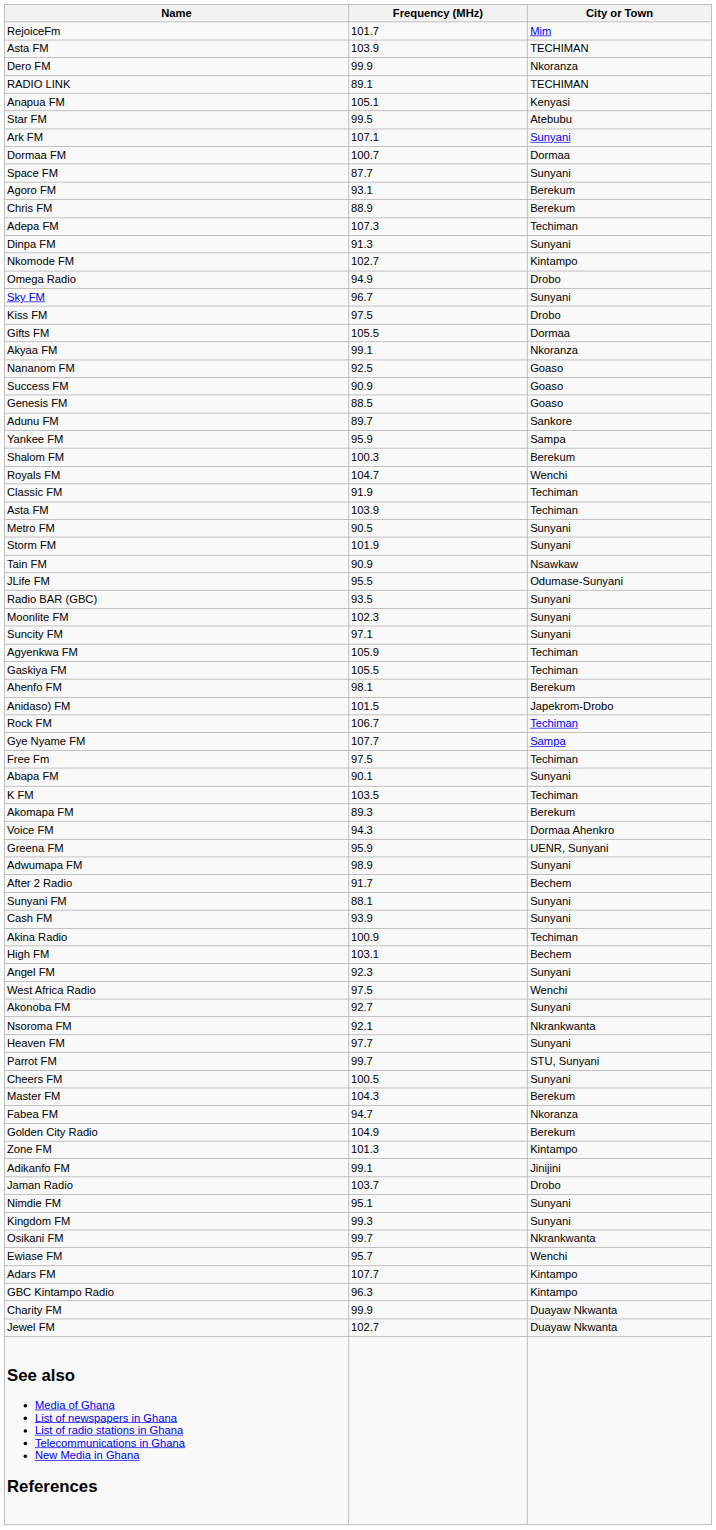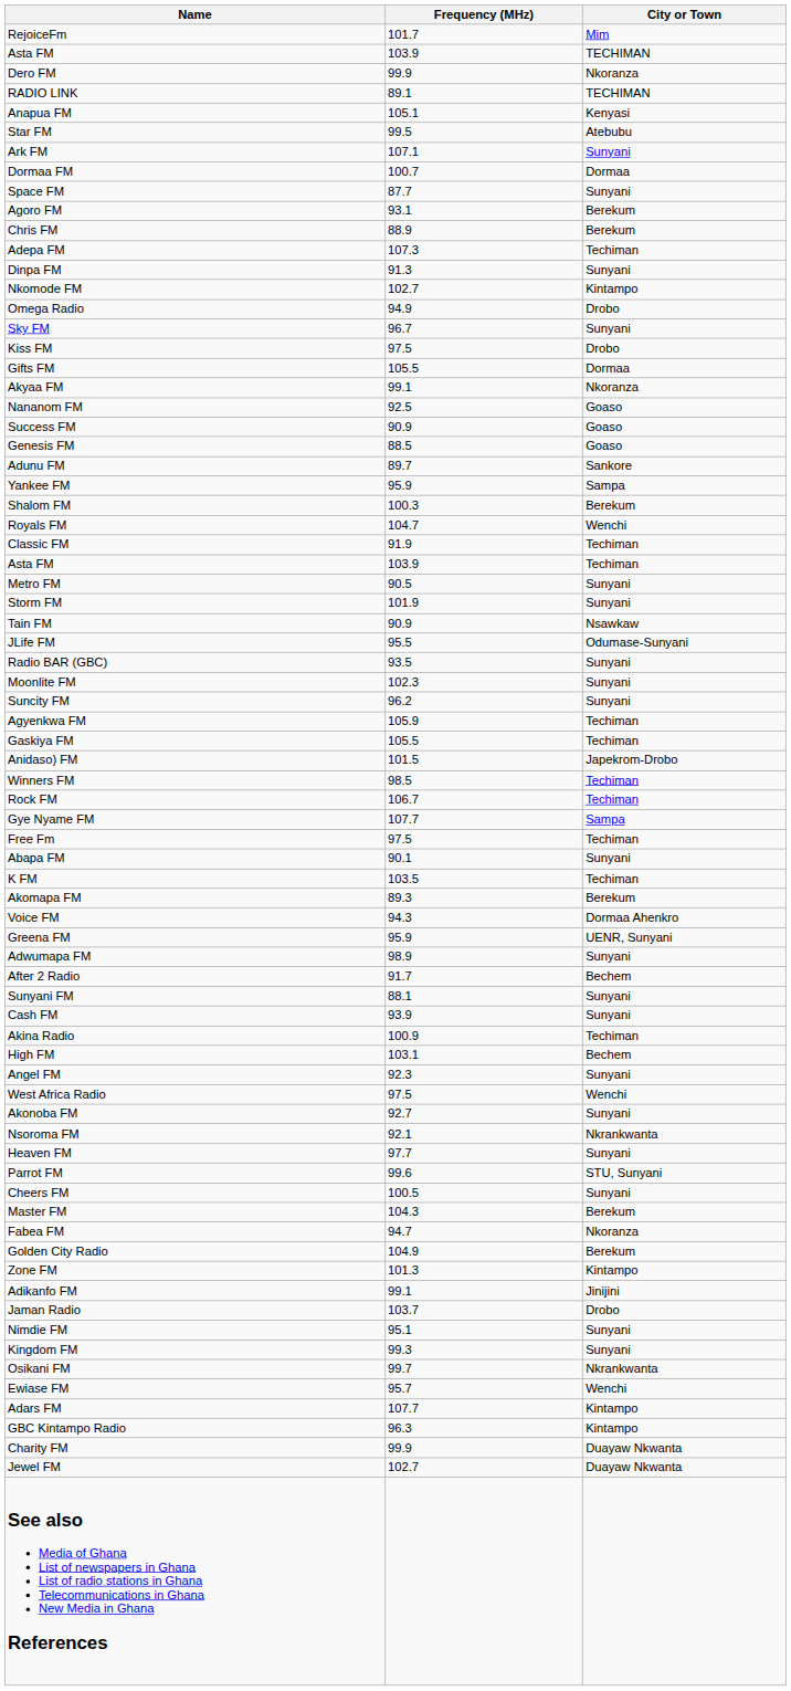 <table class="wikitable sortable" style="width:80%;">
 <tr>
 <th>Name</th>
 <th>Frequency (MHz)</th>
 <th>City or Town</th>
 </tr>
 <tr>
 <td>RejoiceFm</td>
 <td>101.7</td>
 <td><a href='#'>Mim</a></td>
 </tr>
 <tr>
 <td>Asta FM</td>
 <td>103.9</td>
 <td>TECHIMAN</td>
 </tr>
 <tr>
 <td>Dero FM</td>
 <td>99.9</td>
 <td>Nkoranza</td>
 </tr>
 <tr>
 <td>RADIO LINK</td>
 <td>89.1</td>
 <td>TECHIMAN</td>
 </tr>
 <tr>
 <td>Anapua FM</td>
 <td>105.1</td>
 <td>Kenyasi</td>
 </tr>
 <tr>
 <td>Star FM</td>
 <td>99.5</td>
 <td>Atebubu</td>
 </tr>
 <tr>
 <td>Ark FM</td>
 <td>107.1</td>
 <td><a href='#'>Sunyani</a></td>
 </tr>
 <tr>
 <td>Dormaa FM</td>
 <td>100.7</td>
 <td>Dormaa</td>
 </tr>
 <tr>
 <td>Space FM</td>
 <td>87.7</td>
 <td>Sunyani</td>
 </tr>
 <tr>
 <td>Agoro FM</td>
 <td>93.1</td>
 <td>Berekum</td>
 </tr>
 <tr>
 <td>Chris FM</td>
 <td>88.9</td>
 <td>Berekum</td>
 </tr>
 <tr>
 <td>Adepa FM</td>
 <td>107.3</td>
 <td>Techiman</td>
 </tr>
 <tr>
 <td>Dinpa FM</td>
 <td>91.3</td>
 <td>Sunyani</td>
 </tr>
 <tr>
 <td>Nkomode FM</td>
 <td>102.7</td>
 <td>Kintampo</td>
 </tr>
 <tr>
 <td>Omega Radio</td>
 <td>94.9</td>
 <td>Drobo</td>
 </tr>
 <tr>
 <td><a href='#'>Sky FM</a></td>
 <td>96.7</td>
 <td>Sunyani</td>
 </tr>
 <tr>
 <td>Kiss FM</td>
 <td>97.5</td>
 <td>Drobo</td>
 </tr>
 <tr>
 <td>Gifts FM</td>
 <td>105.5</td>
 <td>Dormaa</td>
 </tr>
 <tr>
 <td>Akyaa FM</td>
 <td>99.1</td>
 <td>Nkoranza</td>
 </tr>
 <tr>
 <td>Nananom FM</td>
 <td>92.5</td>
 <td>Goaso</td>
 </tr>
 <tr>
 <td>Success FM</td>
 <td>90.9</td>
 <td>Goaso</td>
 </tr>
 <tr>
 <td>Genesis FM</td>
 <td>88.5</td>
 <td>Goaso</td>
 </tr>
 <tr>
 <td>Adunu FM</td>
 <td>89.7</td>
 <td>Sankore</td>
 </tr>
 <tr>
 <td>Yankee FM</td>
 <td>95.9</td>
 <td>Sampa</td>
 </tr>
 <tr>
 <td>Shalom FM</td>
 <td>100.3</td>
 <td>Berekum</td>
 </tr>
 <tr>
 <td>Royals FM</td>
 <td>104.7</td>
 <td>Wenchi</td>
 </tr>
 <tr>
 <td>Classic FM</td>
 <td>91.9</td>
 <td>Techiman</td>
 </tr>
 <tr>
 <td>Asta FM</td>
 <td>103.9</td>
 <td>Techiman</td>
 </tr>
 <tr>
 <td>Metro FM</td>
 <td>90.5</td>
 <td>Sunyani</td>
 </tr>
 <tr>
 <td>Storm FM</td>
 <td>101.9</td>
 <td>Sunyani</td>
 </tr>
 <tr>
 <td>Tain FM</td>
 <td>90.9</td>
 <td>Nsawkaw</td>
 </tr>
 <tr>
 <td>JLife FM</td>
 <td>95.5</td>
 <td>Odumase-Sunyani</td>
 </tr>
 <tr>
 <td>Radio BAR (GBC)</td>
 <td>93.5</td>
 <td>Sunyani</td>
 </tr>
 <tr>
 <td>Moonlite FM</td>
 <td>102.3</td>
 <td>Sunyani</td>
 </tr>
 <tr>
 <td>Suncity FM</td>
-<td>97.1</td>
+<td>96.2</td>
 <td>Sunyani</td>
 </tr>
 <tr>
 <td>Agyenkwa FM</td>
 <td>105.9</td>
 <td>Techiman</td>
 </tr>
 <tr>
 <td>Gaskiya FM</td>
 <td>105.5</td>
 <td>Techiman</td>
 </tr>
 <tr>
-<td>Ahenfo FM</td>
-<td>98.1</td>
-<td>Berekum</td>
-</tr>
-<tr>
 <td>Anidaso) FM</td>
 <td>101.5</td>
 <td>Japekrom-Drobo</td>
+</tr>
+<tr>
+<td>Winners FM</td>
+<td>98.5</td>
+<td><a href='#'>Techiman</a></td>
 </tr>
 <tr>
 <td>Rock FM</td>
 <td>106.7</td>
 <td><a href='#'>Techiman</a></td>
 </tr>
 <tr>
 <td>Gye Nyame FM</td>
 <td>107.7</td>
 <td><a href='#'>Sampa</a></td>
 </tr>
 <tr>
 <td>Free Fm</td>
 <td>97.5</td>
 <td>Techiman</td>
 </tr>
 <tr>
 <td>Abapa FM</td>
 <td>90.1</td>
 <td>Sunyani</td>
 </tr>
 <tr>
 <td>K FM</td>
 <td>103.5</td>
 <td>Techiman</td>
 </tr>
 <tr>
 <td>Akomapa FM</td>
 <td>89.3</td>
 <td>Berekum</td>
 </tr>
 <tr>
 <td>Voice FM</td>
 <td>94.3</td>
 <td>Dormaa Ahenkro</td>
 </tr>
 <tr>
 <td>Greena FM</td>
 <td>95.9</td>
 <td>UENR, Sunyani</td>
 </tr>
 <tr>
 <td>Adwumapa FM</td>
 <td>98.9</td>
 <td>Sunyani</td>
 </tr>
 <tr>
 <td>After 2 Radio</td>
 <td>91.7</td>
 <td>Bechem</td>
 </tr>
 <tr>
 <td>Sunyani FM</td>
 <td>88.1</td>
 <td>Sunyani</td>
 </tr>
 <tr>
 <td>Cash FM</td>
 <td>93.9</td>
 <td>Sunyani</td>
 </tr>
 <tr>
 <td>Akina Radio</td>
 <td>100.9</td>
 <td>Techiman</td>
 </tr>
 <tr>
 <td>High FM</td>
 <td>103.1</td>
 <td>Bechem</td>
 </tr>
 <tr>
 <td>Angel FM</td>
 <td>92.3</td>
 <td>Sunyani</td>
 </tr>
 <tr>
 <td>West Africa Radio</td>
 <td>97.5</td>
 <td>Wenchi</td>
 </tr>
 <tr>
 <td>Akonoba FM</td>
 <td>92.7</td>
 <td>Sunyani</td>
 </tr>
 <tr>
 <td>Nsoroma FM</td>
 <td>92.1</td>
 <td>Nkrankwanta</td>
 </tr>
 <tr>
 <td>Heaven FM</td>
 <td>97.7</td>
 <td>Sunyani</td>
 </tr>
 <tr>
 <td>Parrot FM</td>
-<td>99.7</td>
+<td>99.6</td>
 <td>STU, Sunyani</td>
 </tr>
 <tr>
 <td>Cheers FM</td>
 <td>100.5</td>
 <td>Sunyani</td>
 </tr>
 <tr>
 <td>Master FM</td>
 <td>104.3</td>
 <td>Berekum</td>
 </tr>
 <tr>
 <td>Fabea FM</td>
 <td>94.7</td>
 <td>Nkoranza</td>
 </tr>
 <tr>
 <td>Golden City Radio</td>
 <td>104.9</td>
 <td>Berekum</td>
 </tr>
 <tr>
 <td>Zone FM</td>
 <td>101.3</td>
 <td>Kintampo</td>
 </tr>
 <tr>
 <td>Adikanfo FM</td>
 <td>99.1</td>
 <td>Jinijini</td>
 </tr>
 <tr>
 <td>Jaman Radio</td>
 <td>103.7</td>
 <td>Drobo</td>
 </tr>
 <tr>
 <td>Nimdie FM</td>
 <td>95.1</td>
 <td>Sunyani</td>
 </tr>
 <tr>
 <td>Kingdom FM</td>
 <td>99.3</td>
 <td>Sunyani</td>
 </tr>
 <tr>
 <td>Osikani FM</td>
 <td>99.7</td>
 <td>Nkrankwanta</td>
 </tr>
 <tr>
 <td>Ewiase FM</td>
 <td>95.7</td>
 <td>Wenchi</td>
 </tr>
 <tr>
 <td>Adars FM</td>
 <td>107.7</td>
 <td>Kintampo</td>
 </tr>
 <tr>
 <td>GBC Kintampo Radio</td>
 <td>96.3</td>
 <td>Kintampo</td>
 </tr>
 <tr>
 <td>Charity FM</td>
 <td>99.9</td>
 <td>Duayaw Nkwanta</td>
 </tr>
 <tr>
 <td>Jewel FM</td>
 <td>102.7</td>
 <td>Duayaw Nkwanta</td>
 </tr>
 <tr>
 <td><br><h2>See also</h2><ul><li><a href='#'>Media of Ghana</a></li><li><a href='#'>List of newspapers in Ghana</a></li><li><a href='#'>List of radio stations in Ghana</a></li><li><a href='#'>Telecommunications in Ghana</a></li><li><a href='#'>New Media in Ghana</a></li></ul><h2>References</h2><br></td>
 <td></td>
 </tr>
 </table>
